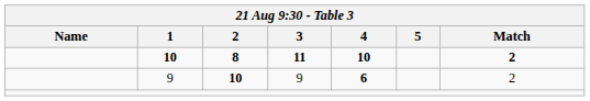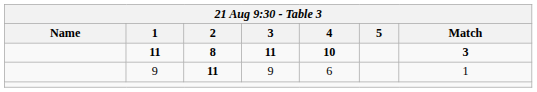 <table class=wikitable style="text-align:center; width: 55%">
 <tr>
 <th colspan=17><em>21 Aug 9:30 - Table 3</em></th>
 </tr>
 <tr>
 <th>Name</th>
 <th>1</th>
 <th>2</th>
 <th>3</th>
 <th>4</th>
 <th>5</th>
 <th>Match</th>
 </tr>
 <tr>
 <td style="text-align:left;"><strong></strong></td>
-<td><strong>10</strong></td>
+<td><strong>11</strong></td>
 <td><strong>8</strong></td>
 <td><strong>11</strong></td>
 <td><strong>10</strong></td>
 <td></td>
-<td><strong>2</strong></td>
+<td><strong>3</strong></td>
 </tr>
 <tr>
 <td style="text-align:left;"></td>
 <td>9</td>
-<td><strong>10</strong></td>
+<td><strong>11</strong></td>
 <td>9</td>
-<td><strong>6</strong></td>
+<td>6</td>
 <td></td>
-<td>2</td>
+<td>1</td>
 </tr>
 <tr>
 <td colspan=17></td>
 </tr>
 </table>
